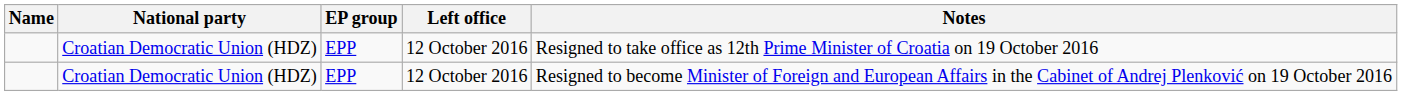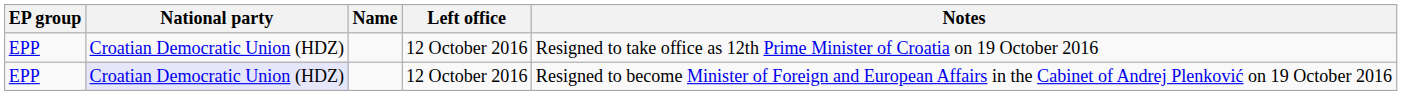 <table class="sortable wikitable">
 <tr>
+<th>EP group</th>
+<th>National party</th>
 <th>Name</th>
-<th>National party</th>
-<th>EP group</th>
 <th>Left office</th>
 <th>Notes</th>
 </tr>
 <tr>
+<td> <a href='#'>EPP</a></td>
+<td> <a href='#'>Croatian Democratic Union</a> (HDZ)</td>
 <td></td>
-<td> <a href='#'>Croatian Democratic Union</a> (HDZ)</td>
-<td> <a href='#'>EPP</a></td>
 <td>12 October 2016</td>
 <td>Resigned to take office as 12th <a href='#'>Prime Minister of Croatia</a> on 19 October 2016</td>
 </tr>
 <tr>
+<td> <a href='#'>EPP</a></td>
+<td style="background: lavender;"> <a href='#'>Croatian Democratic Union</a> (HDZ)</td>
 <td></td>
-<td> <a href='#'>Croatian Democratic Union</a> (HDZ)</td>
-<td> <a href='#'>EPP</a></td>
 <td>12 October 2016</td>
 <td>Resigned to become <a href='#'>Minister of Foreign and European Affairs</a> in the <a href='#'>Cabinet of Andrej Plenković</a> on 19 October 2016</td>
 </tr>
 </table>
